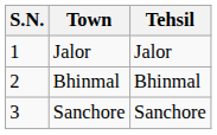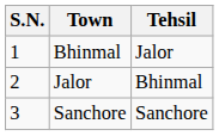 <table class="wikitable">
 <tr>
 <th>S.N.</th>
 <th>Town</th>
 <th>Tehsil</th>
 </tr>
 <tr>
 <td>1</td>
-<td>Jalor</td>
+<td>Bhinmal</td>
 <td>Jalor</td>
 </tr>
 <tr>
 <td>2</td>
-<td>Bhinmal</td>
+<td>Jalor</td>
 <td>Bhinmal</td>
 </tr>
 <tr>
 <td>3</td>
 <td>Sanchore</td>
 <td>Sanchore</td>
 </tr>
 </table>
